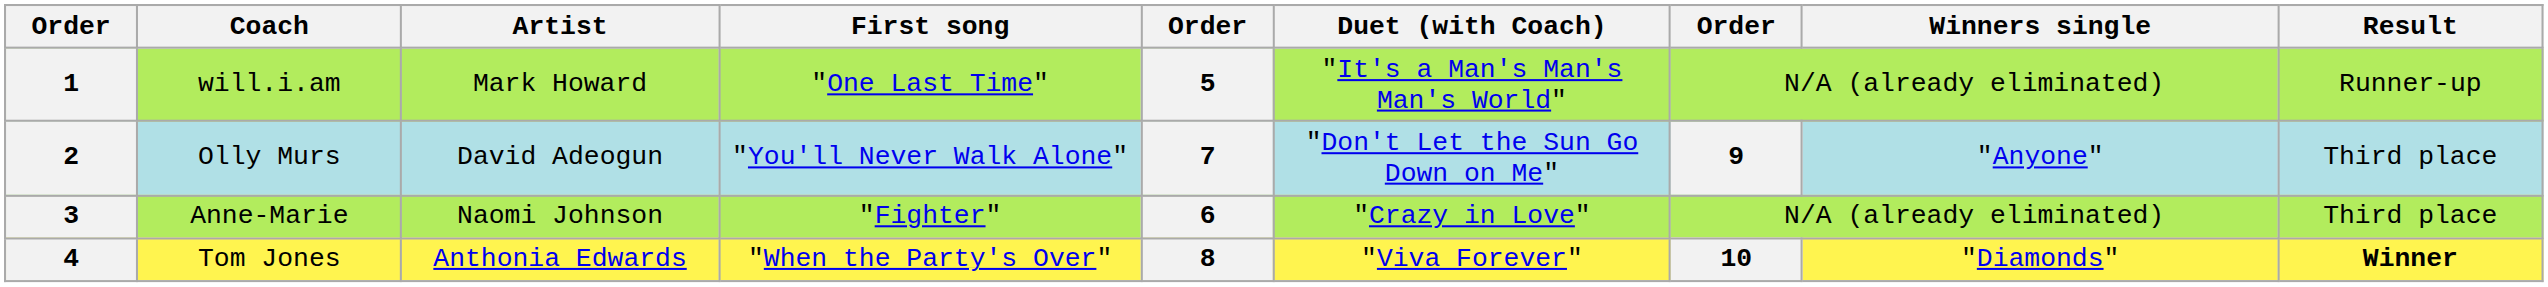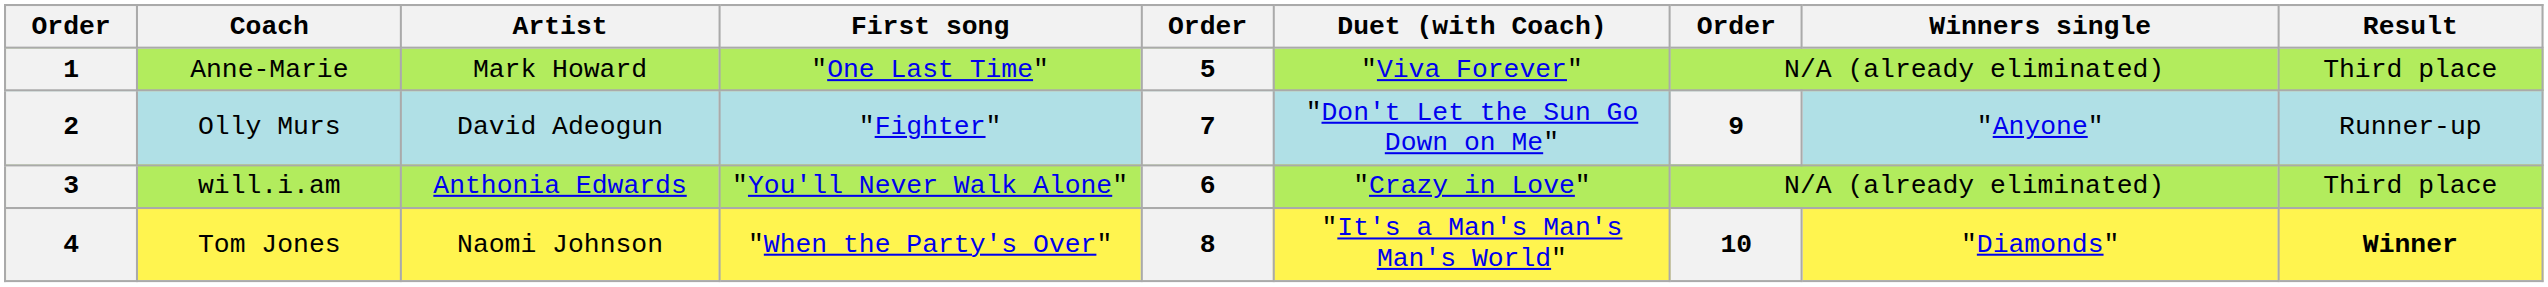 <table class="wikitable plainrowheaders" style="text-align:center; width=100%">
 <tr>
 <th style="width:05%">Order</th>
 <th style="width:10%">Coach</th>
 <th style="width:12%">Artist</th>
 <th style="width:16%">First song</th>
 <th style="width:05%">Order</th>
 <th style="width:15%">Duet (with Coach)</th>
 <th style="width:05%">Order</th>
 <th style="width:18%">Winners single</th>
 <th style="width:10%">Result</th>
 </tr>
 <tr style="background:#B2EC5D">
 <th scope="col">1</th>
-<td>will.i.am</td>
+<td>Anne-Marie</td>
 <td>Mark Howard</td>
 <td>"<a href='#'>One Last Time</a>"</td>
 <th>5</th>
-<td>"<a href='#'>It's a Man's Man's Man's World</a>"</td>
+<td>"<a href='#'>Viva Forever</a>"</td>
 <td colspan="2">N/A (already eliminated)</td>
-<td>Runner-up</td>
+<td>Third place</td>
 </tr>
 <tr style="background:#B0E0E6">
 <th scope="col">2</th>
 <td>Olly Murs</td>
 <td>David Adeogun</td>
-<td>"<a href='#'>You'll Never Walk Alone</a>"</td>
+<td>"<a href='#'>Fighter</a>"</td>
 <th>7</th>
 <td>"<a href='#'>Don't Let the Sun Go Down on Me</a>"</td>
 <th>9</th>
 <td>"<a href='#'>Anyone</a>"</td>
-<td>Third place</td>
+<td>Runner-up</td>
 </tr>
 <tr style="background:#B2EC5D">
 <th scope="col">3</th>
-<td>Anne-Marie</td>
-<td>Naomi Johnson</td>
-<td>"<a href='#'>Fighter</a>"</td>
+<td>will.i.am</td>
+<td><a href='#'>Anthonia Edwards</a></td>
+<td>"<a href='#'>You'll Never Walk Alone</a>"</td>
 <th>6</th>
 <td>"<a href='#'>Crazy in Love</a>"</td>
 <td colspan="2">N/A (already eliminated)</td>
 <td>Third place</td>
 </tr>
 <tr style="background:#FFF44F">
 <th scope="col">4</th>
 <td>Tom Jones</td>
-<td><a href='#'>Anthonia Edwards</a></td>
+<td>Naomi Johnson</td>
 <td>"<a href='#'>When the Party's Over</a>"</td>
 <th>8</th>
-<td>"<a href='#'>Viva Forever</a>"</td>
+<td>"<a href='#'>It's a Man's Man's Man's World</a>"</td>
 <th>10</th>
 <td>"<a href='#'>Diamonds</a>"</td>
 <td><strong>Winner</strong></td>
 </tr>
 </table>
